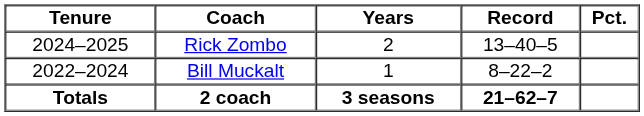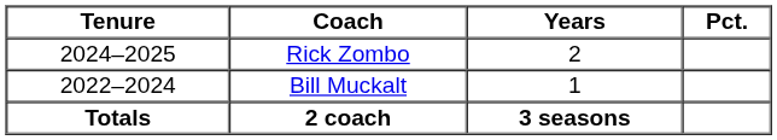 <table cellpadding="1" border="1" cellspacing="0" width="60%">
 <tr>
 <th>Tenure</th>
 <th>Coach</th>
 <th>Years</th>
-<th>Record</th>
 <th>Pct.</th>
 </tr>
 <tr align="center">
 <td>2024–2025</td>
 <td><a href='#'>Rick Zombo</a></td>
 <td>2</td>
-<td>13–40–5</td>
 <td></td>
 </tr>
 <tr align="center">
 <td>2022–2024</td>
 <td><a href='#'>Bill Muckalt</a></td>
 <td>1</td>
-<td>8–22–2</td>
 <td></td>
 </tr>
 <tr align="center">
 <th>Totals</th>
 <th>2 coach</th>
 <th>3 seasons</th>
-<th>21–62–7</th>
 <th></th>
 </tr>
 </table>
